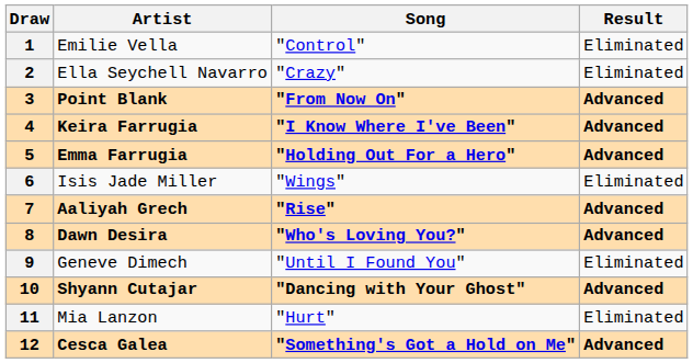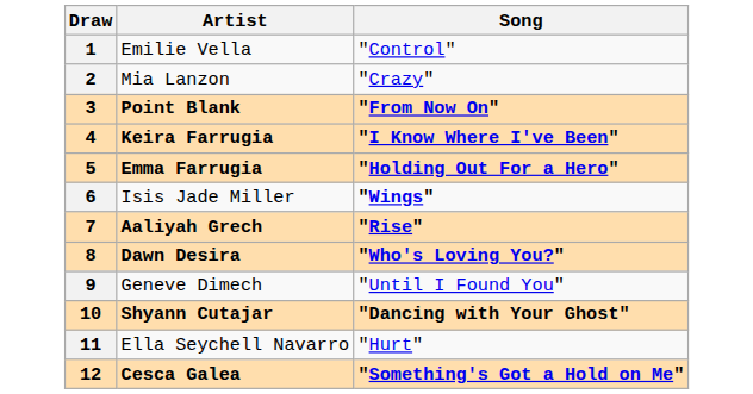 <table class="sortable wikitable plainrowheaders" style="margin: 1em auto 1em auto">
 <tr>
 <th scope="col">Draw</th>
 <th scope="col">Artist</th>
 <th scope="col">Song </th>
-<th scope="col">Result</th>
 </tr>
 <tr>
 <th scope="row" style="text-align:center;">1</th>
 <td>Emilie Vella</td>
 <td>"<a href='#'>Control</a>" </td>
-<td>Eliminated</td>
 </tr>
 <tr>
 <th scope="row" style="text-align:center;">2</th>
-<td>Ella Seychell Navarro</td>
+<td>Mia Lanzon</td>
 <td>"<a href='#'>Crazy</a>" </td>
-<td>Eliminated</td>
 </tr>
 <tr style="background: navajowhite;">
 <th scope="row" style="text-align:center; background: navajowhite"><strong>3</strong></th>
 <td><strong>Point Blank</strong></td>
 <td><strong>"<a href='#'>From Now On</a>" </strong></td>
-<td><strong>Advanced</strong></td>
 </tr>
 <tr style="background: navajowhite;">
 <th scope="row" style="text-align:center; background: navajowhite"><strong>4</strong></th>
 <td><strong>Keira Farrugia</strong></td>
 <td><strong>"<a href='#'>I Know Where I've Been</a>" </strong></td>
-<td><strong>Advanced</strong></td>
 </tr>
 <tr style="background: navajowhite;">
 <th scope="row" style="text-align:center; background: navajowhite"><strong>5</strong></th>
 <td><strong>Emma Farrugia</strong></td>
 <td><strong>"<a href='#'>Holding Out For a Hero</a>" </strong></td>
-<td><strong>Advanced</strong></td>
 </tr>
 <tr>
 <th scope="row" style="text-align:center;">6</th>
 <td>Isis Jade Miller</td>
-<td>"<a href='#'>Wings</a>" </td>
-<td>Eliminated</td>
+<td><strong>"<a href='#'>Wings</a>" </strong></td>
 </tr>
 <tr style="background: navajowhite;">
 <th scope="row" style="text-align:center; background: navajowhite"><strong>7</strong></th>
 <td><strong>Aaliyah Grech</strong></td>
 <td><strong>"<a href='#'>Rise</a>" </strong></td>
-<td><strong>Advanced</strong></td>
 </tr>
 <tr style="background: navajowhite;">
 <th scope="row" style="text-align:center; background: navajowhite"><strong>8</strong></th>
 <td><strong>Dawn Desira</strong></td>
 <td><strong>"<a href='#'>Who's Loving You?</a>" </strong></td>
-<td><strong>Advanced</strong></td>
 </tr>
 <tr>
 <th scope="row" style="text-align:center;">9</th>
 <td>Geneve Dimech</td>
 <td>"<a href='#'>Until I Found You</a>" </td>
-<td align="center">Eliminated</td>
 </tr>
 <tr style="background: navajowhite;">
 <th scope="row" style="text-align:center; background: navajowhite"><strong>10</strong></th>
 <td><strong>Shyann Cutajar</strong></td>
 <td><strong>"Dancing with Your Ghost" </strong></td>
-<td><strong>Advanced</strong></td>
 </tr>
 <tr>
 <th scope="row" style="text-align:center;">11</th>
-<td>Mia Lanzon</td>
+<td>Ella Seychell Navarro</td>
 <td>"<a href='#'>Hurt</a>" </td>
-<td align="center">Eliminated</td>
 </tr>
 <tr style="background: navajowhite;">
 <th scope="row" style="text-align:center; background: navajowhite"><strong>12</strong></th>
 <td><strong>Cesca Galea</strong></td>
 <td><strong>"<a href='#'>Something's Got a Hold on Me</a>" </strong></td>
-<td><strong>Advanced</strong></td>
 </tr>
 </table>
